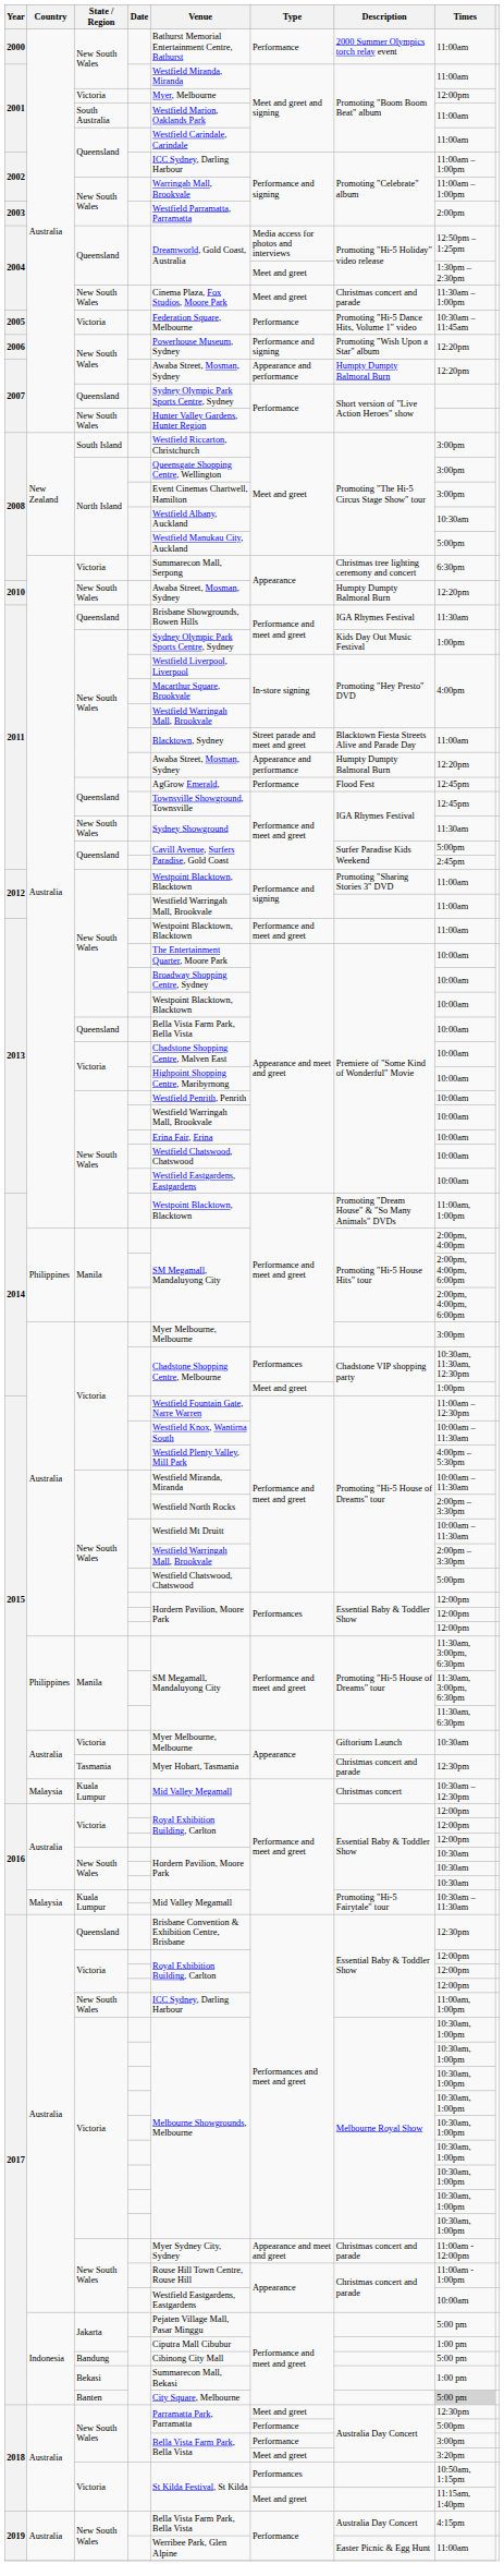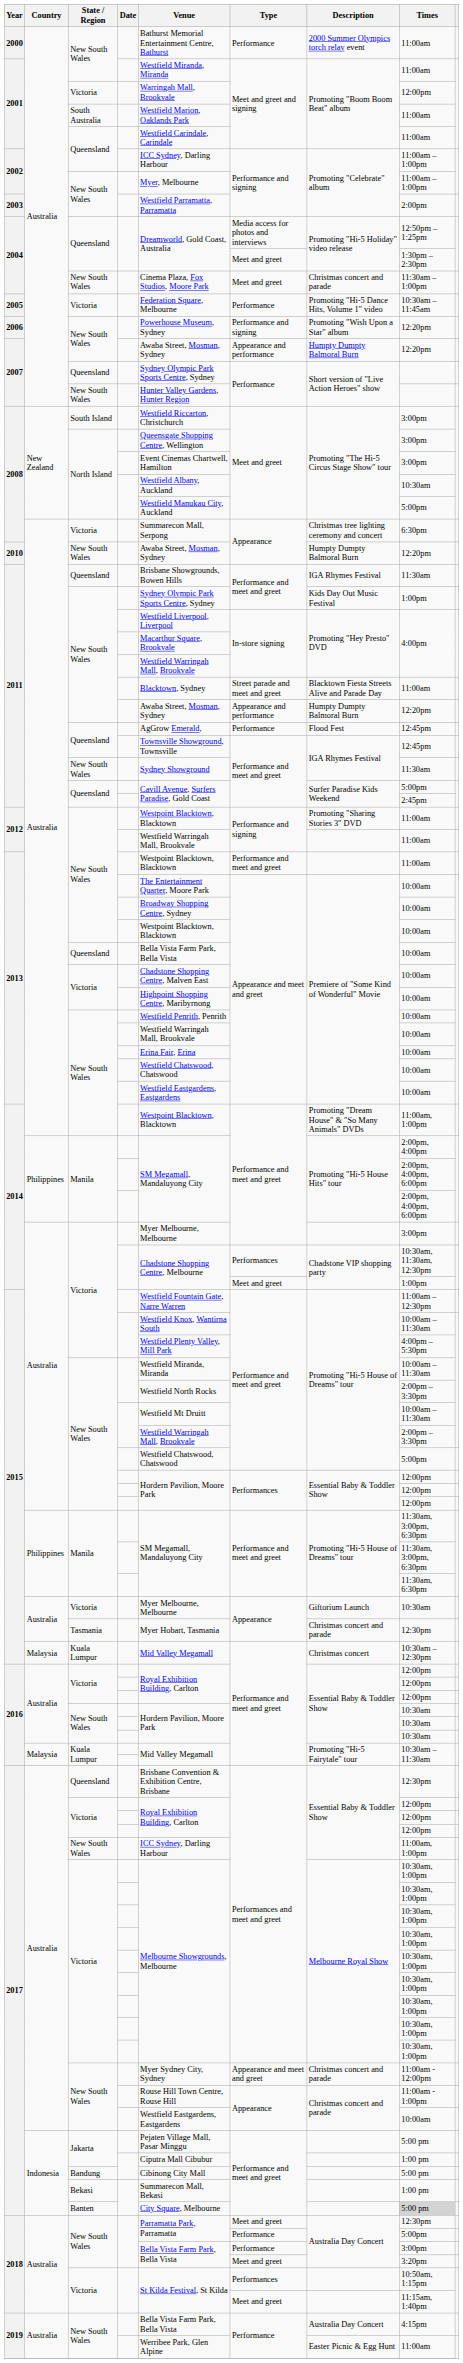 <table class="wikitable plainrowheaders sortable" style="width:99%;">
 <tr style="background:#ccc; text-align:center;">
 <th scope="col">Year</th>
 <th scope="col">Country</th>
 <th scope="col">State / Region</th>
 <th scope="col">Date</th>
 <th scope="col">Venue</th>
 <th scope="col">Type</th>
 <th scope="col">Description</th>
 <th scope="col">Times</th>
 <th scope="col" class="unsortable"></th>
 </tr>
 <tr>
 <th scope="row">2000</th>
 <td rowspan="16">Australia</td>
 <td rowspan="2">New South Wales</td>
 <td></td>
 <td>Bathurst Memorial Entertainment Centre, <a href='#'>Bathurst</a></td>
 <td>Performance</td>
 <td><a href='#'>2000 Summer Olympics torch relay</a> event</td>
 <td>11:00am</td>
 <td style="text-align:center;"></td>
 </tr>
 <tr>
 <th scope="row" rowspan="4">2001</th>
 <td></td>
 <td><a href='#'>Westfield Miranda</a>, <a href='#'>Miranda</a></td>
 <td rowspan="4">Meet and greet and signing</td>
 <td rowspan="4">Promoting "Boom Boom Beat" album</td>
 <td>11:00am</td>
 <td style="text-align:center;" rowspan="4"></td>
 </tr>
 <tr>
 <td>Victoria</td>
 <td></td>
-<td><a href='#'>Myer</a>, Melbourne</td>
+<td><a href='#'>Warringah Mall</a>, <a href='#'>Brookvale</a></td>
 <td>12:00pm</td>
 </tr>
 <tr>
 <td>South Australia</td>
 <td></td>
 <td><a href='#'>Westfield Marion</a>, <a href='#'>Oaklands Park</a></td>
 <td>11:00am</td>
 </tr>
 <tr>
 <td rowspan="2">Queensland</td>
 <td></td>
 <td><a href='#'>Westfield Carindale</a>, <a href='#'>Carindale</a></td>
 <td>11:00am</td>
 </tr>
 <tr>
 <th scope="row" rowspan="2">2002</th>
 <td></td>
 <td><a href='#'>ICC Sydney</a>, Darling Harbour</td>
 <td rowspan="3">Performance and signing</td>
 <td rowspan="3">Promoting "Celebrate" album</td>
 <td>11:00am – 1:00pm</td>
 <td style="text-align:center;" rowspan="2"></td>
 </tr>
 <tr>
 <td rowspan="2">New South Wales</td>
 <td></td>
-<td><a href='#'>Warringah Mall</a>, <a href='#'>Brookvale</a></td>
+<td><a href='#'>Myer</a>, Melbourne</td>
 <td>11:00am – 1:00pm</td>
 </tr>
 <tr>
 <th scope="row">2003</th>
 <td></td>
 <td><a href='#'>Westfield Parramatta</a>, <a href='#'>Parramatta</a></td>
 <td>2:00pm</td>
 <td style="text-align:center;"></td>
 </tr>
 <tr>
 <th scope="row" rowspan="3">2004</th>
 <td rowspan="2">Queensland</td>
 <td rowspan="2"></td>
 <td rowspan="2"><a href='#'>Dreamworld</a>, Gold Coast, Australia</td>
 <td>Media access for photos and interviews</td>
 <td rowspan="2">Promoting "Hi-5 Holiday" video release</td>
 <td>12:50pm – 1:25pm</td>
 <td style="text-align:center;" rowspan="2"></td>
 </tr>
 <tr>
 <td>Meet and greet</td>
 <td>1:30pm – 2:30pm</td>
 </tr>
 <tr>
 <td rowspan="1">New South Wales</td>
 <td></td>
 <td>Cinema Plaza, <a href='#'>Fox Studios</a>, <a href='#'>Moore Park</a></td>
 <td>Meet and greet</td>
 <td>Christmas concert and parade</td>
 <td>11:30am – 1:00pm</td>
 <td style="text-align:center;"></td>
 </tr>
 <tr>
 <th scope="row">2005</th>
 <td rowspan="1">Victoria</td>
 <td></td>
 <td><a href='#'>Federation Square</a>, Melbourne</td>
 <td>Performance</td>
 <td>Promoting "Hi-5 Dance Hits, Volume 1" video</td>
 <td>10:30am – 11:45am</td>
 <td style="text-align:center;"></td>
 </tr>
 <tr>
 <th scope="row">2006</th>
 <td rowspan="2">New South Wales</td>
 <td></td>
 <td><a href='#'>Powerhouse Museum</a>, Sydney</td>
 <td>Performance and signing</td>
 <td>Promoting "Wish Upon a Star" album</td>
 <td>12:20pm</td>
 <td></td>
 </tr>
 <tr>
 <th scope="row" rowspan="3">2007</th>
 <td></td>
 <td>Awaba Street, <a href='#'>Mosman</a>, Sydney</td>
 <td>Appearance and performance</td>
 <td><a href='#'>Humpty Dumpty Balmoral Burn</a></td>
 <td>12:20pm</td>
 <td></td>
 </tr>
 <tr>
 <td rowspan="1">Queensland</td>
 <td></td>
 <td><a href='#'>Sydney Olympic Park Sports Centre</a>, Sydney</td>
 <td rowspan="2">Performance</td>
 <td rowspan="2">Short version of "Live Action Heroes" show</td>
 <td></td>
 <td></td>
 </tr>
 <tr>
 <td rowspan="1">New South Wales</td>
 <td></td>
 <td><a href='#'>Hunter Valley Gardens</a>, <a href='#'>Hunter Region</a></td>
 <td></td>
 <td></td>
 </tr>
 <tr>
 <th scope="row" rowspan="6">2008</th>
 <td rowspan="5">New Zealand</td>
 <td rowspan="1">South Island</td>
 <td></td>
 <td><a href='#'>Westfield Riccarton</a>, Christchurch</td>
 <td rowspan="5">Meet and greet</td>
 <td rowspan="5">Promoting "The Hi-5 Circus Stage Show" tour</td>
 <td>3:00pm</td>
 <td style="text-align:center;" rowspan="5"></td>
 </tr>
 <tr>
 <td rowspan="4">North Island</td>
 <td></td>
 <td><a href='#'>Queensgate Shopping Centre</a>, Wellington</td>
 <td>3:00pm</td>
 </tr>
 <tr>
 <td></td>
 <td>Event Cinemas Chartwell, Hamilton</td>
 <td>3:00pm</td>
 </tr>
 <tr>
 <td rowspan="2"></td>
 <td><a href='#'>Westfield Albany</a>, Auckland</td>
 <td>10:30am</td>
 </tr>
 <tr>
 <td><a href='#'>Westfield Manukau City</a>, Auckland</td>
 <td>5:00pm</td>
 </tr>
 <tr>
 <td rowspan="29">Australia</td>
 <td rowspan="1">Victoria</td>
 <td></td>
 <td>Summarecon Mall, Serpong</td>
 <td rowspan="2">Appearance</td>
 <td>Christmas tree lighting ceremony and concert</td>
 <td>6:30pm</td>
 <td style="text-align:center;"></td>
 </tr>
 <tr>
 <th scope="row">2010</th>
 <td>New South Wales</td>
 <td></td>
 <td>Awaba Street, <a href='#'>Mosman</a>, Sydney</td>
 <td>Humpty Dumpty Balmoral Burn</td>
 <td>12:20pm</td>
 <td style="text-align:center;"></td>
 </tr>
 <tr>
 <th scope="row" rowspan="12">2011</th>
 <td>Queensland</td>
 <td></td>
 <td>Brisbane Showgrounds, Bowen Hills</td>
 <td rowspan="2">Performance and meet and greet</td>
 <td>IGA Rhymes Festival</td>
 <td>11:30am</td>
 <td style="text-align:center;"></td>
 </tr>
 <tr>
 <td rowspan="6">New South Wales</td>
 <td></td>
 <td><a href='#'>Sydney Olympic Park Sports Centre</a>, Sydney</td>
 <td>Kids Day Out Music Festival</td>
 <td>1:00pm</td>
 <td style="text-align:center;"></td>
 </tr>
 <tr>
 <td></td>
 <td><a href='#'>Westfield Liverpool</a>, <a href='#'>Liverpool</a></td>
 <td rowspan="3">In-store signing</td>
 <td rowspan="3">Promoting "Hey Presto" DVD</td>
 <td rowspan="3">4:00pm</td>
 <td rowspan="3"></td>
 </tr>
 <tr>
 <td></td>
 <td><a href='#'>Macarthur Square</a>, <a href='#'>Brookvale</a></td>
 </tr>
 <tr>
 <td></td>
 <td><a href='#'>Westfield Warringah Mall</a>, <a href='#'>Brookvale</a></td>
 </tr>
 <tr>
 <td></td>
 <td><a href='#'>Blacktown</a>, Sydney</td>
 <td>Street parade and meet and greet</td>
 <td>Blacktown Fiesta Streets Alive and Parade Day</td>
 <td>11:00am</td>
 <td style="text-align:center;"></td>
 </tr>
 <tr>
 <td></td>
 <td>Awaba Street, <a href='#'>Mosman</a>, Sydney</td>
 <td>Appearance and performance</td>
 <td>Humpty Dumpty Balmoral Burn</td>
 <td>12:20pm</td>
 <td style="text-align:center;"></td>
 </tr>
 <tr>
 <td rowspan="2">Queensland</td>
 <td></td>
 <td>AgGrow <a href='#'>Emerald</a>,</td>
 <td>Performance</td>
 <td>Flood Fest</td>
 <td>12:45pm</td>
 <td style="text-align:center;"></td>
 </tr>
 <tr>
 <td></td>
 <td><a href='#'>Townsville Showground</a>, Townsville</td>
 <td rowspan="4">Performance and meet and greet</td>
 <td rowspan="2">IGA Rhymes Festival</td>
 <td>12:45pm</td>
 <td style="text-align:center;"></td>
 </tr>
 <tr>
 <td>New South Wales</td>
 <td></td>
 <td><a href='#'>Sydney Showground</a></td>
 <td>11:30am</td>
 <td style="text-align:center;"></td>
 </tr>
 <tr>
 <td rowspan="2">Queensland</td>
 <td></td>
 <td rowspan="2"><a href='#'>Cavill Avenue</a>, <a href='#'>Surfers Paradise</a>, Gold Coast</td>
 <td rowspan="2">Surfer Paradise Kids Weekend</td>
 <td>5:00pm</td>
 <td style="text-align:center;" rowspan="2"></td>
 </tr>
 <tr>
 <td></td>
 <td>2:45pm</td>
 </tr>
 <tr>
 <th scope="row" rowspan="2">2012</th>
 <td rowspan="6">New South Wales</td>
 <td></td>
 <td><a href='#'>Westpoint Blacktown</a>, Blacktown</td>
 <td rowspan="2">Performance and signing</td>
 <td>Promoting "Sharing Stories 3" DVD</td>
 <td>11:00am</td>
 <td></td>
 </tr>
 <tr>
 <td></td>
 <td>Westfield Warringah Mall, Brookvale</td>
 <td></td>
 <td>11:00am</td>
 <td></td>
 </tr>
 <tr>
 <th scope="row" rowspan="12">2013</th>
 <td></td>
 <td>Westpoint Blacktown, Blacktown</td>
 <td>Performance and meet and greet</td>
 <td></td>
 <td>11:00am</td>
 <td></td>
 </tr>
 <tr>
 <td></td>
 <td><a href='#'>The Entertainment Quarter</a>, Moore Park</td>
 <td rowspan="11">Appearance and meet and greet</td>
 <td rowspan="11">Premiere of "Some Kind of Wonderful" Movie</td>
 <td>10:00am</td>
 <td style="text-align:center;" rowspan="11"></td>
 </tr>
 <tr>
 <td></td>
 <td><a href='#'>Broadway Shopping Centre</a>, Sydney</td>
 <td>10:00am</td>
 </tr>
 <tr>
 <td></td>
 <td>Westpoint Blacktown, Blacktown</td>
 <td>10:00am</td>
 </tr>
 <tr>
 <td>Queensland</td>
 <td></td>
 <td>Bella Vista Farm Park, Bella Vista</td>
 <td>10:00am</td>
 </tr>
 <tr>
 <td rowspan="2">Victoria</td>
 <td></td>
 <td><a href='#'>Chadstone Shopping Centre</a>, Malven East</td>
 <td>10:00am</td>
 </tr>
 <tr>
 <td></td>
 <td><a href='#'>Highpoint Shopping Centre</a>, Maribyrnong</td>
 <td>10:00am</td>
 </tr>
 <tr>
 <td rowspan="6">New South Wales</td>
 <td></td>
 <td><a href='#'>Westfield Penrith</a>, Penrith</td>
 <td>10:00am</td>
 </tr>
 <tr>
 <td></td>
 <td>Westfield Warringah Mall, Brookvale</td>
 <td>10:00am</td>
 </tr>
 <tr>
 <td></td>
 <td><a href='#'>Erina Fair</a>, <a href='#'>Erina</a></td>
 <td>10:00am</td>
 </tr>
 <tr>
 <td></td>
 <td><a href='#'>Westfield Chatswood</a>, Chatswood</td>
 <td>10:00am</td>
 </tr>
 <tr>
 <td></td>
 <td><a href='#'>Westfield Eastgardens</a>, <a href='#'>Eastgardens</a></td>
 <td>10:00am</td>
 </tr>
 <tr>
 <th scope="row" rowspan="7">2014</th>
 <td></td>
 <td><a href='#'>Westpoint Blacktown</a>, Blacktown</td>
 <td rowspan="5">Performance and meet and greet</td>
 <td>Promoting "Dream House" & "So Many Animals" DVDs</td>
 <td>11:00am, 1:00pm</td>
 <td></td>
 </tr>
 <tr>
 <td rowspan="3">Philippines</td>
 <td rowspan="3">Manila</td>
 <td></td>
 <td rowspan="3"><a href='#'>SM Megamall</a>, Mandaluyong City</td>
 <td rowspan="3">Promoting "Hi-5 House Hits" tour</td>
 <td>2:00pm, 4:00pm</td>
 <td style="text-align:center;" rowspan="3"></td>
 </tr>
 <tr>
 <td></td>
 <td>2:00pm, 4:00pm, 6:00pm</td>
 </tr>
 <tr>
 <td></td>
 <td>2:00pm, 4:00pm, 6:00pm</td>
 </tr>
 <tr>
 <td rowspan="14">Australia</td>
 <td rowspan="6">Victoria</td>
 <td></td>
 <td>Myer Melbourne, Melbourne</td>
 <td></td>
 <td>3:00pm</td>
 </tr>
 <tr>
 <td rowspan="2"></td>
 <td rowspan="2"><a href='#'>Chadstone Shopping Centre</a>, Melbourne</td>
 <td>Performances</td>
 <td rowspan="2">Chadstone VIP shopping party</td>
 <td>10:30am, 11:30am, 12:30pm</td>
 <td style="text-align:center;" rowspan="2"></td>
 </tr>
 <tr>
 <td>Meet and greet</td>
 <td>1:00pm</td>
 </tr>
 <tr>
 <th scope="row" rowspan="17">2015</th>
 <td></td>
 <td><a href='#'>Westfield Fountain Gate</a>, <a href='#'>Narre Warren</a></td>
 <td rowspan="8">Performance and meet and greet</td>
 <td rowspan="8">Promoting "Hi-5 House of Dreams" tour</td>
 <td>11:00am – 12:30pm</td>
 </tr>
 <tr>
 <td rowspan="2"></td>
 <td><a href='#'>Westfield Knox</a>, <a href='#'>Wantirna South</a></td>
 <td>10:00am – 11:30am</td>
 <td style="text-align:center;" rowspan="6"></td>
 </tr>
 <tr>
 <td><a href='#'>Westfield Plenty Valley</a>, <a href='#'>Mill Park</a></td>
 <td>4:00pm – 5:30pm</td>
 </tr>
 <tr>
 <td rowspan="8">New South Wales</td>
 <td rowspan="2"></td>
 <td>Westfield Miranda, Miranda</td>
 <td>10:00am – 11:30am</td>
 </tr>
 <tr>
 <td>Westfield North Rocks</td>
 <td>2:00pm – 3:30pm</td>
 </tr>
 <tr>
 <td rowspan="2"></td>
 <td>Westfield Mt Druitt</td>
 <td>10:00am – 11:30am</td>
 </tr>
 <tr>
 <td><a href='#'>Westfield Warringah Mall</a>, <a href='#'>Brookvale</a></td>
 <td>2:00pm – 3:30pm</td>
 </tr>
 <tr>
 <td></td>
 <td>Westfield Chatswood, Chatswood</td>
 <td>5:00pm</td>
 <td></td>
 </tr>
 <tr>
 <td></td>
 <td rowspan="3">Hordern Pavilion, Moore Park</td>
 <td rowspan="3">Performances</td>
 <td rowspan="3">Essential Baby & Toddler Show</td>
 <td>12:00pm</td>
 <td></td>
 </tr>
 <tr>
 <td></td>
 <td>12:00pm</td>
 <td></td>
 </tr>
 <tr>
 <td></td>
 <td>12:00pm</td>
 <td></td>
 </tr>
 <tr>
 <td rowspan="3">Philippines</td>
 <td rowspan="3">Manila</td>
 <td></td>
 <td rowspan="3">SM Megamall, Mandaluyong City</td>
 <td rowspan="3">Performance and meet and greet</td>
 <td rowspan="3">Promoting "Hi-5 House of Dreams" tour</td>
 <td>11:30am, 3:00pm, 6:30pm</td>
 <td style="text-align:center;" rowspan="3"></td>
 </tr>
 <tr>
 <td></td>
 <td>11:30am, 3:00pm, 6:30pm</td>
 </tr>
 <tr>
 <td></td>
 <td>11:30am, 6:30pm</td>
 </tr>
 <tr>
 <td rowspan="2">Australia</td>
 <td rowspan="1">Victoria</td>
 <td></td>
 <td>Myer Melbourne, Melbourne</td>
 <td rowspan="2">Appearance</td>
 <td>Giftorium Launch</td>
 <td>10:30am</td>
 </tr>
 <tr>
 <td rowspan="1">Tasmania</td>
 <td></td>
 <td>Myer Hobart, Tasmania</td>
 <td>Christmas concert and parade</td>
 <td>12:30pm</td>
 <td style="text-align:center;"></td>
 </tr>
 <tr>
 <td>Malaysia</td>
 <td>Kuala Lumpur</td>
 <td></td>
 <td><a href='#'>Mid Valley Megamall</a></td>
 <td rowspan="9">Performance and meet and greet</td>
 <td>Christmas concert</td>
 <td>10:30am – 12:30pm</td>
 <td style="text-align:center;"></td>
 </tr>
 <tr>
 <th scope="row" rowspan="8">2016</th>
 <td rowspan="6">Australia</td>
 <td rowspan="3">Victoria</td>
 <td></td>
 <td rowspan="3"><a href='#'>Royal Exhibition Building</a>, Carlton</td>
 <td rowspan="6">Essential Baby & Toddler Show</td>
 <td>12:00pm</td>
 <td></td>
 </tr>
 <tr>
 <td></td>
 <td>12:00pm</td>
 <td></td>
 </tr>
 <tr>
 <td></td>
 <td>12:00pm</td>
 <td></td>
 </tr>
 <tr>
 <td rowspan="3">New South Wales</td>
 <td></td>
 <td rowspan="3">Hordern Pavilion, Moore Park</td>
 <td>10:30am</td>
 <td></td>
 </tr>
 <tr>
 <td></td>
 <td>10:30am</td>
 <td></td>
 </tr>
 <tr>
 <td></td>
 <td>10:30am</td>
 <td></td>
 </tr>
 <tr>
 <td rowspan="2">Malaysia</td>
 <td rowspan="2">Kuala Lumpur</td>
 <td></td>
 <td rowspan="2">Mid Valley Megamall</td>
 <td rowspan="2">Promoting "Hi-5 Fairytale" tour</td>
 <td rowspan="2">10:30am – 11:30am</td>
 <td style="text-align:center;" rowspan="2"></td>
 </tr>
 <tr>
 <td></td>
 </tr>
 <tr>
 <th scope="row" rowspan="22">2017</th>
 <td rowspan="17">Australia</td>
 <td rowspan="1">Queensland</td>
 <td></td>
 <td>Brisbane Convention & Exhibition Centre, Brisbane</td>
 <td rowspan="14">Performances and meet and greet</td>
 <td rowspan="5">Essential Baby & Toddler Show</td>
 <td>12:30pm</td>
 <td></td>
 </tr>
 <tr>
 <td rowspan="3">Victoria</td>
 <td></td>
 <td rowspan="3"><a href='#'>Royal Exhibition Building</a>, Carlton</td>
 <td>12:00pm</td>
 <td></td>
 </tr>
 <tr>
 <td></td>
 <td>12:00pm</td>
 <td></td>
 </tr>
 <tr>
 <td></td>
 <td>12:00pm</td>
 <td></td>
 </tr>
 <tr>
 <td rowspan="1">New South Wales</td>
 <td></td>
 <td><a href='#'>ICC Sydney</a>, Darling Harbour</td>
 <td>11:00am, 1:00pm</td>
 <td></td>
 </tr>
 <tr>
 <td rowspan="9">Victoria</td>
 <td></td>
 <td rowspan="9"><a href='#'>Melbourne Showgrounds</a>, Melbourne</td>
 <td rowspan="9"><a href='#'>Melbourne Royal Show</a></td>
 <td>10:30am, 1:00pm</td>
 <td style="text-align:center;" rowspan="9"></td>
 </tr>
 <tr>
 <td></td>
 <td>10:30am, 1:00pm</td>
 </tr>
 <tr>
 <td></td>
 <td>10:30am, 1:00pm</td>
 </tr>
 <tr>
 <td></td>
 <td>10:30am, 1:00pm</td>
 </tr>
 <tr>
 <td></td>
 <td>10:30am, 1:00pm</td>
 </tr>
 <tr>
 <td></td>
 <td>10:30am, 1:00pm</td>
 </tr>
 <tr>
 <td></td>
 <td>10:30am, 1:00pm</td>
 </tr>
 <tr>
 <td></td>
 <td>10:30am, 1:00pm</td>
 </tr>
 <tr>
 <td></td>
 <td>10:30am, 1:00pm</td>
 </tr>
 <tr>
 <td rowspan="3">New South Wales</td>
 <td></td>
 <td>Myer Sydney City, Sydney</td>
 <td>Appearance and meet and greet</td>
 <td>Christmas concert and parade</td>
 <td>11:00am - 12:00pm</td>
 <td></td>
 </tr>
 <tr>
 <td></td>
 <td>Rouse Hill Town Centre, Rouse Hill</td>
 <td rowspan="2">Appearance</td>
 <td rowspan="2">Christmas concert and parade</td>
 <td>11:00am - 1:00pm</td>
 <td></td>
 </tr>
 <tr>
 <td></td>
 <td>Westfield Eastgardens, Eastgardens</td>
 <td>10:00am</td>
 <td style="text-align:center;"></td>
 </tr>
 <tr>
 <td rowspan="5">Indonesia</td>
 <td rowspan="2">Jakarta</td>
 <td></td>
 <td>Pejaten Village Mall, Pasar Minggu</td>
 <td rowspan="5">Performance and meet and greet</td>
 <td></td>
 <td>5:00 pm</td>
 <td></td>
 </tr>
 <tr>
 <td rowspan="2"></td>
 <td>Ciputra Mall Cibubur</td>
 <td></td>
 <td>1:00 pm</td>
 <td></td>
 </tr>
 <tr>
 <td rowspan="1">Bandung</td>
 <td>Cibinong City Mall</td>
 <td></td>
 <td>5:00 pm</td>
 <td></td>
 </tr>
 <tr>
 <td rowspan="1">Bekasi</td>
 <td rowspan="2"></td>
 <td>Summarecon Mall, Bekasi</td>
 <td></td>
 <td>1:00 pm</td>
 <td></td>
 </tr>
 <tr>
 <td rowspan="1">Banten</td>
 <td><a href='#'>City Square</a>, Melbourne</td>
 <td></td>
 <td style="background: lightgrey;">5:00 pm</td>
 <td></td>
 </tr>
 <tr>
 <th scope="row" rowspan="6">2018</th>
 <td rowspan="6">Australia</td>
 <td rowspan="4">New South Wales</td>
 <td rowspan="4"></td>
 <td rowspan="2"><a href='#'>Parramatta Park</a>, Parramatta</td>
 <td>Meet and greet</td>
 <td rowspan="4">Australia Day Concert</td>
 <td>12:30pm</td>
 <td></td>
 </tr>
 <tr>
 <td>Performance</td>
 <td>5:00pm</td>
 <td></td>
 </tr>
 <tr>
 <td rowspan="2"><a href='#'>Bella Vista Farm Park</a>, Bella Vista</td>
 <td>Performance</td>
 <td>3:00pm</td>
 <td></td>
 </tr>
 <tr>
 <td>Meet and greet</td>
 <td>3:20pm</td>
 <td></td>
 </tr>
 <tr>
 <td rowspan="2">Victoria</td>
 <td rowspan="2"></td>
 <td rowspan="2"><a href='#'>St Kilda Festival</a>, St Kilda</td>
 <td>Performances</td>
 <td></td>
 <td>10:50am, 1:15pm</td>
 <td style="text-align:center;" rowspan="2"></td>
 </tr>
 <tr>
 <td>Meet and greet</td>
 <td></td>
 <td>11:15am, 1:40pm</td>
 </tr>
 <tr>
 <th scope="row" rowspan="2">2019</th>
 <td rowspan="2">Australia</td>
 <td rowspan="2">New South Wales</td>
 <td></td>
 <td>Bella Vista Farm Park, Bella Vista</td>
 <td rowspan="2">Performance</td>
 <td>Australia Day Concert</td>
 <td>4:15pm</td>
 <td></td>
 </tr>
 <tr>
 <td></td>
 <td>Werribee Park, Glen Alpine</td>
 <td>Easter Picnic & Egg Hunt</td>
 <td>11:00am</td>
 <td style="text-align:center;" rowspan="9"></td>
 </tr>
 <tr>
 </tr>
 </table>
